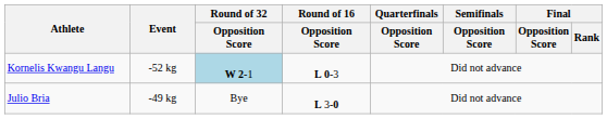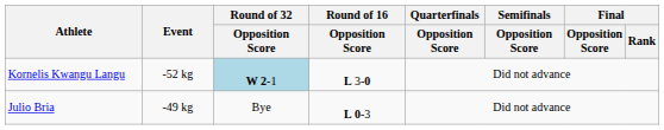 <table class=wikitable style="font-size:90%; text-align:center">
 <tr>
 <th rowspan="2" width="160">Athlete</th>
 <th rowspan="2" width="80">Event</th>
 <th width="110">Round of 32</th>
 <th width="110">Round of 16</th>
 <th width="90">Quarterfinals</th>
 <th width="90">Semifinals</th>
 <th colspan="2" width="100">Final</th>
 </tr>
 <tr>
 <th>Opposition<br>Score</th>
 <th>Opposition<br>Score</th>
 <th>Opposition<br>Score</th>
 <th>Opposition<br>Score</th>
 <th>Opposition<br>Score</th>
 <th>Rank</th>
 </tr>
 <tr>
 <td align=left><a href='#'>Kornelis Kwangu Langu</a></td>
 <td align=centre>-52 kg</td>
 <td style="background: lightblue;"> <br><strong>W</strong> <strong>2</strong>-1</td>
-<td> <br><strong>L</strong> <strong>0</strong>-3</td>
+<td> <br> <strong>L</strong> 3-<strong>0</strong></td>
 <td colspan="5" align="center">Did not advance</td>
 </tr>
 <tr>
 <td align=left><a href='#'>Julio Bria</a></td>
 <td align=centre>-49 kg</td>
 <td>Bye</td>
-<td> <br> <strong>L</strong> 3-<strong>0</strong></td>
+<td> <br><strong>L</strong> <strong>0</strong>-3</td>
 <td colspan="5" align="center">Did not advance</td>
 </tr>
 </table>
